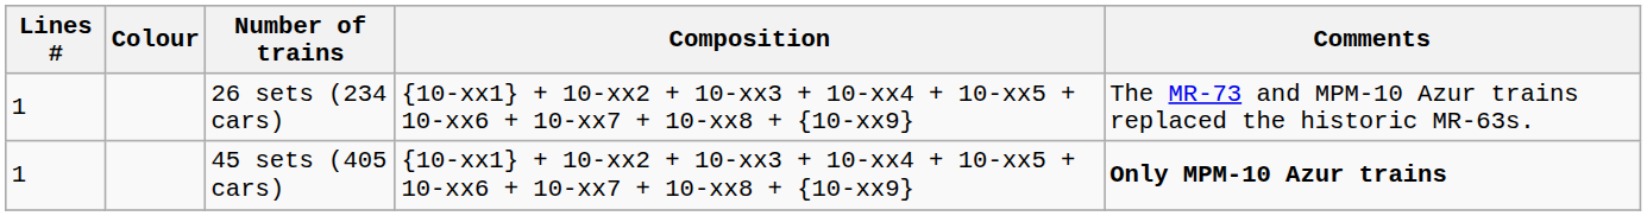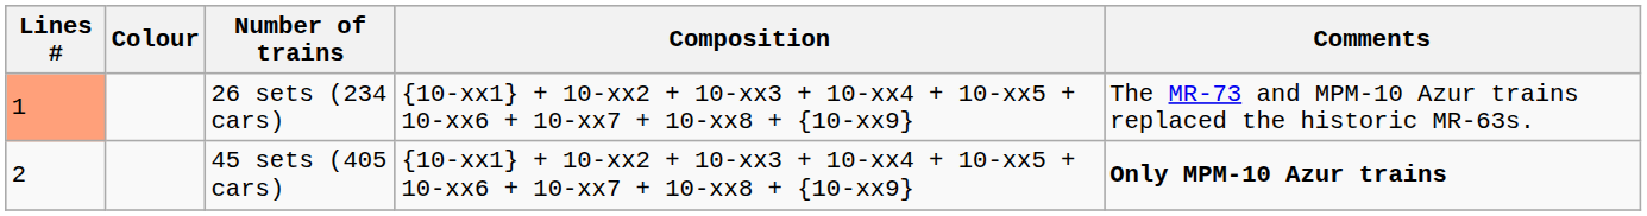 <table class="wikitable">
 <tr>
 <th>Lines #</th>
 <th>Colour</th>
 <th>Number of trains</th>
 <th>Composition</th>
 <th>Comments</th>
 </tr>
 <tr>
-<td>1</td>
+<td style="background: lightsalmon;">1</td>
 <td style="background: #"></td>
 <td>26 sets (234 cars)</td>
 <td>{10-xx1} + 10-xx2 + 10-xx3 + 10-xx4 + 10-xx5 + 10-xx6 + 10-xx7 + 10-xx8 + {10-xx9}</td>
 <td>The <a href='#'>MR-73</a> and MPM-10 Azur trains replaced the historic MR-63s.</td>
 </tr>
 <tr>
-<td>1</td>
+<td>2</td>
 <td style="background: #"></td>
 <td>45 sets (405 cars)</td>
 <td>{10-xx1} + 10-xx2 + 10-xx3 + 10-xx4 + 10-xx5 + 10-xx6 + 10-xx7 + 10-xx8 + {10-xx9}</td>
 <td><strong>Only MPM-10 Azur trains</strong></td>
 </tr>
 </table>
